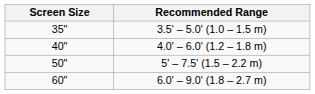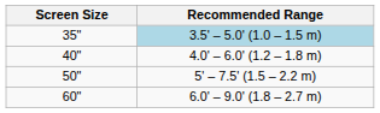 <table class="wikitable" style="width:36%; margin:auto">
 <tr>
 <th>Screen Size</th>
 <th>Recommended Range</th>
 </tr>
 <tr style="text-align:center;">
 <td>35"</td>
-<td>3.5' – 5.0' (1.0 – 1.5 m)</td>
+<td style="background: lightblue;">3.5' – 5.0' (1.0 – 1.5 m)</td>
 </tr>
 <tr style="text-align:center;">
 <td>40"</td>
 <td>4.0' – 6.0' (1.2 – 1.8 m)</td>
 </tr>
 <tr style="text-align:center;">
 <td>50"</td>
 <td>5' – 7.5' (1.5 – 2.2 m)</td>
 </tr>
 <tr style="text-align:center;">
 <td>60"</td>
 <td>6.0' – 9.0' (1.8 – 2.7 m)</td>
 </tr>
 </table>
